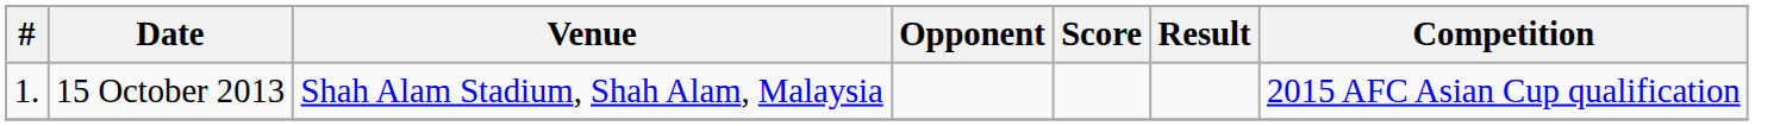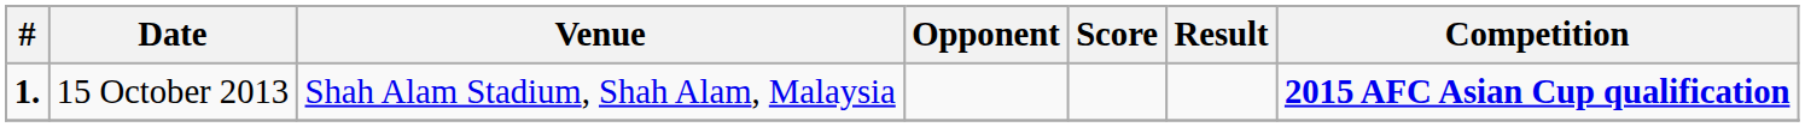 <table class="wikitable" style="font-size:90%">
 <tr>
 <th>#</th>
 <th>Date</th>
 <th>Venue</th>
 <th>Opponent</th>
 <th>Score</th>
 <th>Result</th>
 <th>Competition</th>
 </tr>
 <tr>
-<td>1.</td>
+<td><strong>1.</strong></td>
 <td>15 October 2013</td>
 <td><a href='#'>Shah Alam Stadium</a>, <a href='#'>Shah Alam</a>, <a href='#'>Malaysia</a></td>
 <td></td>
 <td></td>
 <td></td>
-<td><a href='#'>2015 AFC Asian Cup qualification</a></td>
+<td><strong><a href='#'>2015 AFC Asian Cup qualification</a></strong></td>
 </tr>
 <tr>
 </tr>
 </table>
